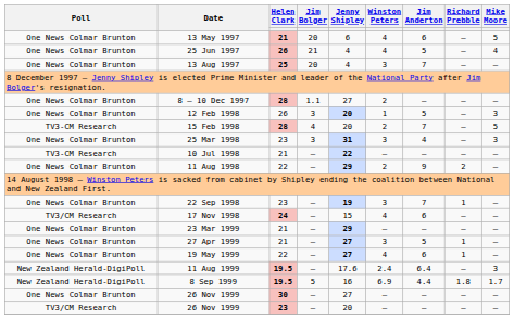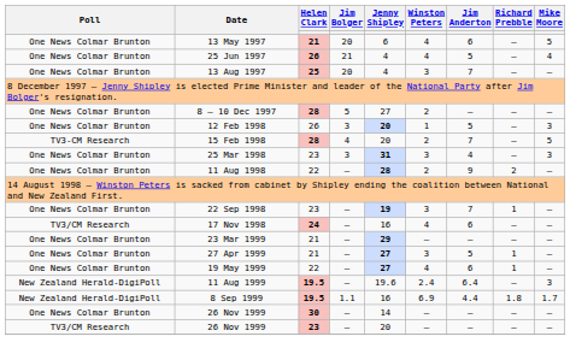 <table class="wikitable sortable" style="width:750px;font-size:90%;line-height:14px;text-align:center;">
 <tr>
 <th style="width:270px;" rowspan="2">Poll</th>
 <th style="width:200px;" rowspan="2">Date</th>
 <th><a href='#'>Helen Clark</a></th>
 <th><a href='#'>Jim Bolger</a></th>
 <th><a href='#'>Jenny Shipley</a></th>
 <th><a href='#'>Winston Peters</a></th>
 <th><a href='#'>Jim Anderton</a></th>
 <th><a href='#'>Richard Prebble</a></th>
 <th><a href='#'>Mike Moore</a></th>
 </tr>
 <tr>
 <th class="unsortable" style="color:inherit;background:"></th>
 <th class="unsortable" style="color:inherit;background:"></th>
 <th class="unsortable" style="color:inherit;background:"></th>
 <th class="unsortable" style="color:inherit;background:"></th>
 <th class="unsortable" style="color:inherit;background:"></th>
 <th class="unsortable" style="color:inherit;background:"></th>
 <th class="unsortable" style="color:inherit;background:"></th>
 </tr>
 <tr>
 <td>One News Colmar Brunton</td>
 <td data-sort-value="1997-05-13">13 May 1997</td>
 <td style="background:#F8C1BE"><strong>21</strong></td>
 <td>20</td>
 <td>6</td>
 <td>4</td>
 <td>6</td>
 <td>–</td>
 <td>5</td>
 </tr>
 <tr>
 <td>One News Colmar Brunton</td>
 <td data-sort-value="1997-06-25">25 Jun 1997</td>
 <td style="background:#F8C1BE"><strong>26</strong></td>
 <td>21</td>
 <td>4</td>
 <td>4</td>
 <td>5</td>
 <td>–</td>
 <td>4</td>
 </tr>
 <tr>
 <td>One News Colmar Brunton</td>
 <td data-sort-value="1997-08-13">13 Aug 1997</td>
 <td style="background:#F8C1BE"><strong>25</strong></td>
 <td>20</td>
 <td>4</td>
 <td>3</td>
 <td>7</td>
 <td>–</td>
 <td>–</td>
 </tr>
 <tr>
 <td colspan="9" style="background:#fc9;text-align:left;">8 December 1997 – <a href='#'>Jenny Shipley</a> is elected Prime Minister and leader of the <a href='#'>National Party</a> after <a href='#'>Jim Bolger</a>'s resignation.</td>
 </tr>
 <tr>
 <td>One News Colmar Brunton</td>
 <td data-sort-value="1997-12-08">8 – 10 Dec 1997</td>
 <td style="background:#F8C1BE"><strong>28</strong></td>
-<td>1.1</td>
+<td>5</td>
 <td>27</td>
 <td>2</td>
 <td>–</td>
 <td>–</td>
 <td>–</td>
 </tr>
 <tr>
 <td>One News Colmar Brunton</td>
 <td data-sort-value="1998-02-12">12 Feb 1998</td>
 <td>26</td>
 <td>3</td>
 <td style="background:#CCDDFF"><strong>20</strong></td>
 <td>1</td>
 <td>5</td>
 <td>–</td>
 <td>3</td>
 </tr>
 <tr>
 <td>TV3-CM Research</td>
 <td data-sort-value="1998-02-15">15 Feb 1998</td>
 <td style="background:#F8C1BE"><strong>28</strong></td>
 <td>4</td>
 <td>20</td>
 <td>2</td>
 <td>7</td>
 <td>–</td>
 <td>5</td>
 </tr>
 <tr>
 <td>One News Colmar Brunton</td>
 <td data-sort-value="1998-03-25">25 Mar 1998</td>
 <td>23</td>
 <td>3</td>
 <td style="background:#CCDDFF"><strong>31</strong></td>
 <td>3</td>
 <td>4</td>
 <td>–</td>
 <td>3</td>
 </tr>
 <tr>
-<td>TV3-CM Research</td>
-<td data-sort-value="1998-07-10">10 Jul 1998</td>
-<td>21</td>
-<td>–</td>
-<td style="background:#CCDDFF"><strong>22</strong></td>
-<td>–</td>
-<td>–</td>
-<td>–</td>
-<td>–</td>
-</tr>
-<tr>
 <td>One News Colmar Brunton</td>
 <td data-sort-value="1996-08-11">11 Aug 1998</td>
 <td>22</td>
 <td>–</td>
-<td style="background:#CCDDFF"><strong>29</strong></td>
+<td style="background:#CCDDFF"><strong>28</strong></td>
 <td>2</td>
 <td>9</td>
 <td>2</td>
 <td>–</td>
 </tr>
 <tr>
 <td colspan="9" style="background:#fc9;text-align:left;">14 August 1998 – <a href='#'>Winston Peters</a> is sacked from cabinet by Shipley ending the coalition between National and New Zealand First.</td>
 </tr>
 <tr>
 <td>One News Colmar Brunton</td>
 <td data-sort-value="1998-09-22">22 Sep 1998</td>
 <td>23</td>
 <td>–</td>
 <td style="background:#CCDDFF"><strong>19</strong></td>
 <td>3</td>
 <td>7</td>
 <td>1</td>
 <td>–</td>
 </tr>
 <tr>
 <td>TV3/CM Research</td>
 <td data-sort-value="1998-11-17">17 Nov 1998</td>
 <td style="background:#F8C1BE"><strong>24</strong></td>
 <td>–</td>
-<td>15</td>
+<td>16</td>
 <td>4</td>
 <td>6</td>
 <td>–</td>
 <td>–</td>
 </tr>
 <tr>
 <td>One News Colmar Brunton</td>
 <td data-sort-value="1999-03-23">23 Mar 1999</td>
 <td>21</td>
 <td>–</td>
 <td style="background:#CCDDFF"><strong>29</strong></td>
 <td>–</td>
 <td>–</td>
 <td>–</td>
 <td>–</td>
 </tr>
 <tr>
 <td>One News Colmar Brunton</td>
 <td data-sort-value="1999-04-27">27 Apr 1999</td>
 <td>21</td>
 <td>–</td>
 <td style="background:#CCDDFF"><strong>27</strong></td>
 <td>3</td>
 <td>5</td>
 <td>1</td>
 <td>–</td>
 </tr>
 <tr>
 <td>One News Colmar Brunton</td>
 <td data-sort-value="1999-05-19">19 May 1999</td>
 <td>22</td>
 <td>–</td>
 <td style="background:#CCDDFF"><strong>27</strong></td>
 <td>4</td>
 <td>6</td>
 <td>1</td>
 <td>–</td>
 </tr>
 <tr>
 <td>New Zealand Herald-DigiPoll</td>
 <td data-sort-value="1999-08-11">11 Aug 1999</td>
 <td style="background:#F8C1BE"><strong>19.5</strong></td>
 <td>–</td>
-<td>17.6</td>
+<td>19.6</td>
 <td>2.4</td>
 <td>6.4</td>
 <td>–</td>
 <td>3</td>
 </tr>
 <tr>
 <td>New Zealand Herald-DigiPoll</td>
 <td data-sort-value="1999-09-08">8 Sep 1999</td>
 <td style="background:#F8C1BE"><strong>19.5</strong></td>
-<td>5</td>
+<td>1.1</td>
 <td>16</td>
 <td>6.9</td>
 <td>4.4</td>
 <td>1.8</td>
 <td>1.7</td>
 </tr>
 <tr>
 <td>One News Colmar Brunton</td>
 <td data-sort-value="1996-11-26">26 Nov 1999</td>
 <td style="background:#F8C1BE"><strong>30</strong></td>
 <td>–</td>
-<td>27</td>
+<td>14</td>
 <td>–</td>
 <td>–</td>
 <td>–</td>
 <td>–</td>
 </tr>
 <tr>
 <td>TV3/CM Research</td>
 <td data-sort-value="1996-11-26">26 Nov 1999</td>
 <td style="background:#F8C1BE"><strong>23</strong></td>
 <td>–</td>
 <td>20</td>
 <td>–</td>
 <td>–</td>
 <td>–</td>
 <td>–</td>
 </tr>
 <tr>
 </tr>
 </table>
